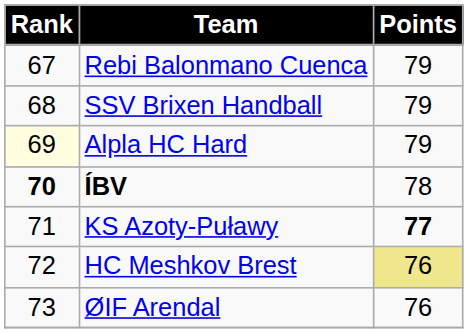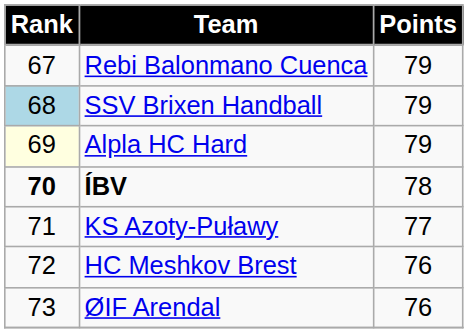 <table class="wikitable" style="text-align: center">
 <tr>
 <th style="color:#FFFFFF; background:#000000">Rank</th>
 <th style="color:#FFFFFF; background:#000000">Team</th>
 <th style="color:#FFFFFF; background:#000000">Points</th>
 </tr>
 <tr>
 <td>67</td>
 <td align=left> <a href='#'>Rebi Balonmano Cuenca</a></td>
 <td>79</td>
 </tr>
 <tr>
-<td>68</td>
+<td style="background: lightblue;">68</td>
 <td align=left> <a href='#'>SSV Brixen Handball</a></td>
 <td>79</td>
 </tr>
 <tr>
 <td style="background: lightyellow;">69</td>
 <td align=left> <a href='#'>Alpla HC Hard</a></td>
 <td>79</td>
 </tr>
 <tr>
 <td><strong>70</strong></td>
 <td align=left> <strong>ÍBV</strong></td>
 <td>78</td>
 </tr>
 <tr>
 <td>71</td>
 <td align=left> <a href='#'>KS Azoty-Puławy</a></td>
-<td><strong>77</strong></td>
+<td>77</td>
 </tr>
 <tr>
 <td>72</td>
 <td align=left> <a href='#'>HC Meshkov Brest</a></td>
-<td style="background: khaki;">76</td>
+<td>76</td>
 </tr>
 <tr>
 <td>73</td>
 <td align=left> <a href='#'>ØIF Arendal</a></td>
 <td>76</td>
 </tr>
 <tr>
 </tr>
 </table>
